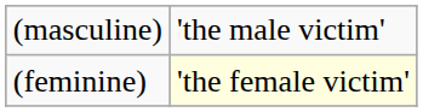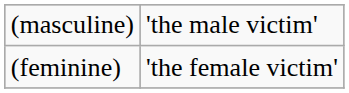 <table class="wikitable">
 <tr>
 <td> (masculine)</td>
 <td>'the male victim'</td>
 </tr>
 <tr>
 <td> (feminine)</td>
-<td style="background: lightyellow;">'the female victim'</td>
+<td>'the female victim'</td>
 </tr>
 </table>
